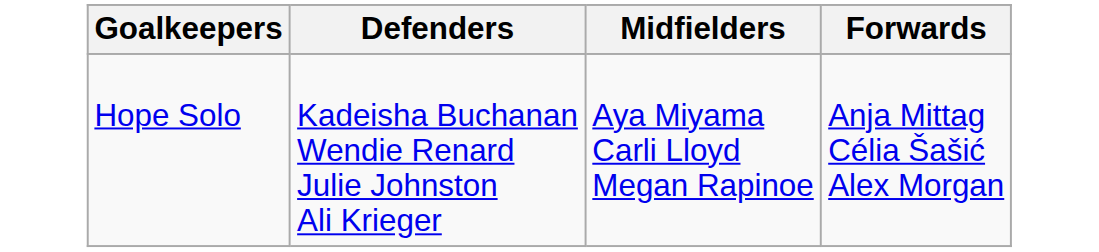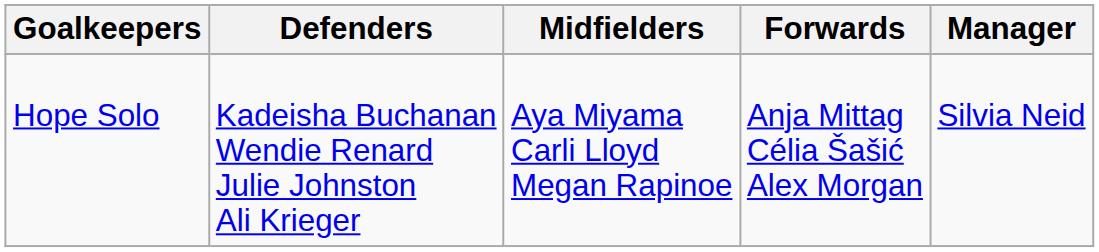 <table class="wikitable" style="margin:0 auto">
 <tr>
 <th>Goalkeepers</th>
 <th>Defenders</th>
 <th>Midfielders</th>
 <th>Forwards</th>
+<th>Manager</th>
 </tr>
 <tr>
 <td align=left valign=top><br> <a href='#'>Hope Solo</a></td>
 <td align=left valign=top><br> <a href='#'>Kadeisha Buchanan</a> <br>  <a href='#'>Wendie Renard</a> <br>  <a href='#'>Julie Johnston</a> <br>  <a href='#'>Ali Krieger</a> <br></td>
 <td align=left valign=top><br> <a href='#'>Aya Miyama</a> <br>  <a href='#'>Carli Lloyd</a> <br>  <a href='#'>Megan Rapinoe</a></td>
 <td align=left valign=top><br> <a href='#'>Anja Mittag</a> <br>  <a href='#'>Célia Šašić</a> <br>  <a href='#'>Alex Morgan</a></td>
+<td align=left valign=top><br> <a href='#'>Silvia Neid</a></td>
 </tr>
 </table>
